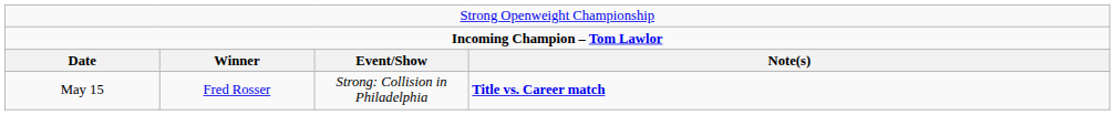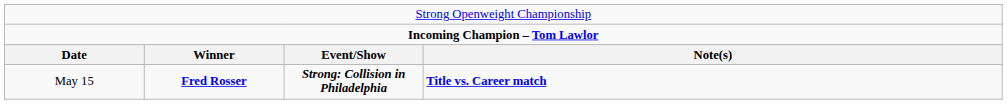 <table class="wikitable" style="text-align:center; width:100%;">
 <tr>
 <td colspan="4" style="text-align: center;"><a href='#'>Strong Openweight Championship</a></td>
 </tr>
 <tr>
 <td colspan="4" style="text-align: center;"><strong>Incoming Champion – <a href='#'>Tom Lawlor</a></strong></td>
 </tr>
 <tr>
 <th width=14%>Date</th>
 <th width=14%>Winner</th>
 <th width=14%>Event/Show</th>
 <th width=58%>Note(s)</th>
 </tr>
 <tr>
 <td>May 15<br></td>
-<td><a href='#'>Fred Rosser</a></td>
-<td><em>Strong: Collision in Philadelphia</em></td>
+<td><strong><a href='#'>Fred Rosser</a></strong></td>
+<td><strong><em>Strong: Collision in Philadelphia</em></strong></td>
 <td align=left><strong><a href='#'>Title vs. Career match</a></strong></td>
 </tr>
 </table>
